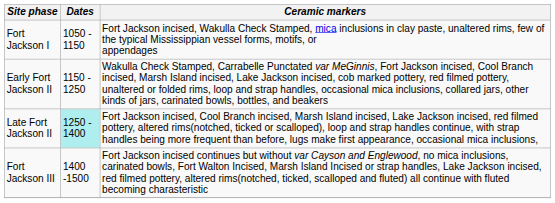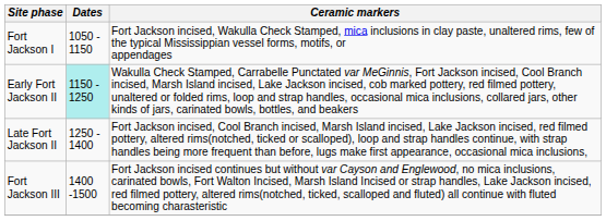 <table class="wikitable">
 <tr>
 <th><em>Site phase</em></th>
 <th><em>Dates</em></th>
 <th><em>Ceramic markers</em></th>
 </tr>
 <tr>
 <td rowspan="1">Fort Jackson I</td>
 <td>1050 - 1150</td>
 <td>Fort Jackson incised, Wakulla Check Stamped, <a href='#'>mica</a> inclusions in clay paste, unaltered rims, few of the typical Mississippian vessel forms, motifs, or<br>appendages</td>
 </tr>
 <tr>
 <td rowspan="1">Early Fort Jackson II</td>
-<td>1150 - 1250</td>
+<td style="background: paleturquoise;">1150 - 1250</td>
 <td>Wakulla Check Stamped, Carrabelle Punctated <em>var MeGinnis</em>, Fort Jackson incised, Cool Branch incised, Marsh Island incised, Lake Jackson incised, cob marked pottery, red filmed pottery, unaltered or folded rims, loop and strap handles, occasional mica inclusions, collared jars, other kinds of jars, carinated bowls, bottles, and beakers</td>
 </tr>
 <tr>
 <td rowspan="1">Late Fort Jackson II</td>
-<td style="background: paleturquoise;">1250 - 1400</td>
+<td>1250 - 1400</td>
 <td>Fort Jackson incised, Cool Branch incised, Marsh Island incised, Lake Jackson incised, red filmed pottery, altered rims(notched, ticked or scalloped), loop and strap handles continue, with strap handles being more frequent than before, lugs make first appearance, occasional mica inclusions,</td>
 </tr>
 <tr>
 <td rowspan="1">Fort Jackson III</td>
 <td>1400 -1500</td>
 <td>Fort Jackson incised continues but without <em>var Cayson and Englewood</em>, no mica inclusions, carinated bowls, Fort Walton Incised, Marsh Island Incised or strap handles, Lake Jackson incised, red filmed pottery, altered rims(notched, ticked, scalloped and fluted) all continue with fluted becoming charasteristic</td>
 </tr>
 <tr>
 </tr>
 </table>
